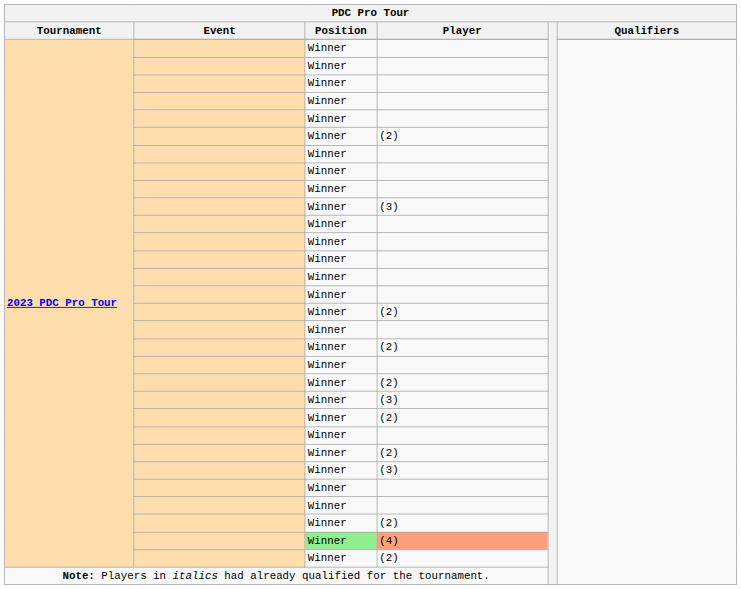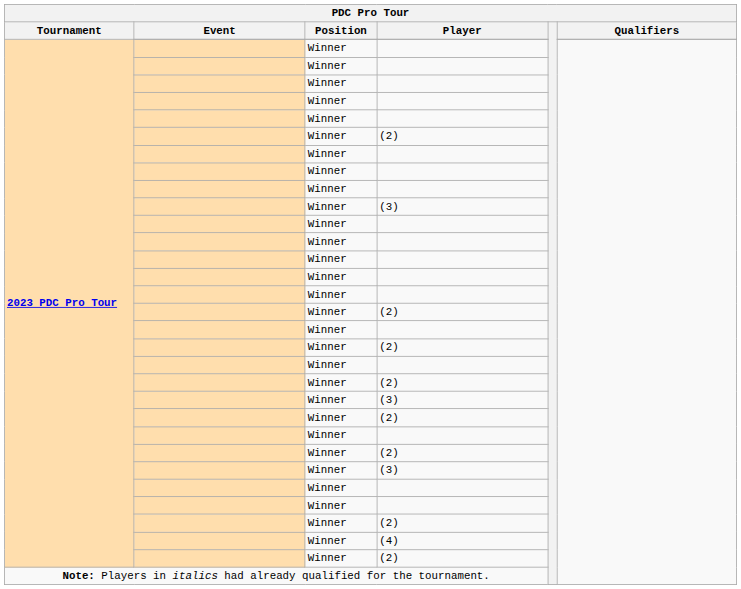 <table class="wikitable">
 <tr>
 <th colspan=6>PDC Pro Tour</th>
 </tr>
 <tr>
 <th width=150>Tournament</th>
 <th width=200>Event</th>
 <th width=80>Position</th>
 <th width=200>Player</th>
 <th rowspan=33 width=5></th>
 <th width=210>Qualifiers</th>
 </tr>
 <tr>
 <td rowspan=31 style="background:#ffdead;"><strong><a href='#'>2023 PDC Pro Tour</a></strong></td>
 </tr>
 <tr>
 <td style="background:#ffdead;"></td>
 <td>Winner</td>
 <td></td>
 <td rowspan=31><strong></strong><br></td>
 </tr>
 <tr>
 <td style="background:#ffdead;"></td>
 <td>Winner</td>
 <td></td>
 </tr>
 <tr>
 <td style="background:#ffdead;"></td>
 <td>Winner</td>
 <td></td>
 </tr>
 <tr>
 <td style="background:#ffdead;"></td>
 <td>Winner</td>
 <td></td>
 </tr>
 <tr>
 <td style="background:#ffdead;"></td>
 <td>Winner</td>
 <td></td>
 </tr>
 <tr>
 <td style="background:#ffdead;"></td>
 <td>Winner</td>
 <td><em></em>(2)</td>
 </tr>
 <tr>
 <td style="background:#ffdead;"></td>
 <td>Winner</td>
 <td><em></em></td>
 </tr>
 <tr>
 <td style="background:#ffdead;"></td>
 <td>Winner</td>
 <td><em></em></td>
 </tr>
 <tr>
 <td style="background:#ffdead;"></td>
 <td>Winner</td>
 <td><em></em></td>
 </tr>
 <tr>
 <td style="background:#ffdead;"></td>
 <td>Winner</td>
 <td><em></em>(3)</td>
 </tr>
 <tr>
 <td style="background:#ffdead;"></td>
 <td>Winner</td>
 <td><em></em></td>
 </tr>
 <tr>
 <td style="background:#ffdead;"></td>
 <td>Winner</td>
 <td><em></em></td>
 </tr>
 <tr>
 <td style="background:#ffdead;"></td>
 <td>Winner</td>
 <td><em></em></td>
 </tr>
 <tr>
 <td style="background:#ffdead;"></td>
 <td>Winner</td>
 <td></td>
 </tr>
 <tr>
 <td style="background:#ffdead;"></td>
 <td>Winner</td>
 <td><em></em></td>
 </tr>
 <tr>
 <td style="background:#ffdead;"></td>
 <td>Winner</td>
 <td> (2)</td>
 </tr>
 <tr>
 <td style="background:#ffdead;"></td>
 <td>Winner</td>
 <td><em></em></td>
 </tr>
 <tr>
 <td style="background:#ffdead;"></td>
 <td>Winner</td>
 <td><em></em>(2)</td>
 </tr>
 <tr>
 <td style="background:#ffdead;"></td>
 <td>Winner</td>
 <td></td>
 </tr>
 <tr>
 <td style="background:#ffdead;"></td>
 <td>Winner</td>
 <td><em></em>(2)</td>
 </tr>
 <tr>
 <td style="background:#ffdead;"></td>
 <td>Winner</td>
 <td><em></em>(3)</td>
 </tr>
 <tr>
 <td style="background:#ffdead;"></td>
 <td>Winner</td>
 <td> (2)</td>
 </tr>
 <tr>
 <td style="background:#ffdead;"></td>
 <td>Winner</td>
 <td><em></em></td>
 </tr>
 <tr>
 <td style="background:#ffdead;"></td>
 <td>Winner</td>
 <td><em></em> (2)</td>
 </tr>
 <tr>
 <td style="background:#ffdead;"></td>
 <td>Winner</td>
 <td><em></em> (3)</td>
 </tr>
 <tr>
 <td style="background:#ffdead;"></td>
 <td>Winner</td>
 <td></td>
 </tr>
 <tr>
 <td style="background:#ffdead;"></td>
 <td>Winner</td>
 <td></td>
 </tr>
 <tr>
 <td style="background:#ffdead;"></td>
 <td>Winner</td>
 <td> (2)</td>
 </tr>
 <tr>
 <td style="background:#ffdead;"></td>
-<td style="background: lightgreen;">Winner</td>
-<td style="background: lightsalmon;"><em></em>(4)</td>
+<td>Winner</td>
+<td><em></em>(4)</td>
 </tr>
 <tr>
 <td style="background:#ffdead;"></td>
 <td>Winner</td>
 <td><em></em> (2)</td>
 </tr>
 <tr>
 <td colspan=4 style="text-align:center"><strong>Note:</strong> Players in <em>italics</em> had already qualified for the tournament.</td>
 </tr>
 </table>
